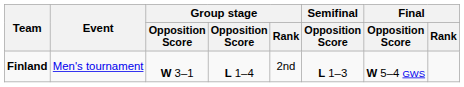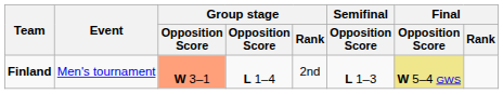 <table class="wikitable" style="font-size:90%">
 <tr>
 <th rowspan=2>Team</th>
 <th rowspan=2>Event</th>
 <th colspan=3>Group stage</th>
 <th>Semifinal</th>
 <th colspan=2>Final</th>
 </tr>
 <tr style="font-size:95%">
 <th>Opposition<br>Score</th>
 <th>Opposition<br>Score</th>
 <th>Rank</th>
 <th>Opposition<br>Score</th>
 <th>Opposition<br>Score</th>
 <th>Rank</th>
 </tr>
 <tr align=center>
 <td align=left><strong>Finland</strong></td>
 <td align=left><a href='#'>Men's tournament</a></td>
-<td><br><strong>W</strong> 3–1</td>
+<td style="background: lightsalmon;"><br><strong>W</strong> 3–1</td>
 <td><br><strong>L</strong> 1–4</td>
 <td>2nd</td>
 <td><br><strong>L</strong> 1–3</td>
-<td><br><strong>W</strong> 5–4 <small><a href='#'>GWS</a></small></td>
+<td style="background: khaki;"><br><strong>W</strong> 5–4 <small><a href='#'>GWS</a></small></td>
 <td></td>
 </tr>
 </table>
